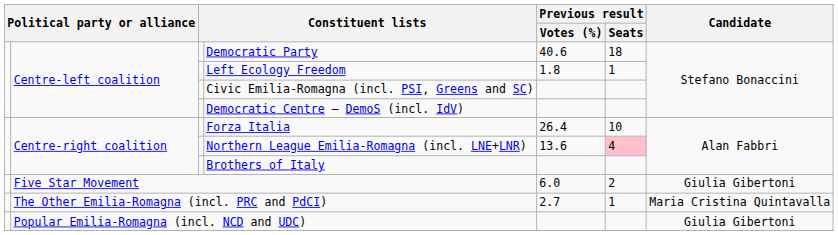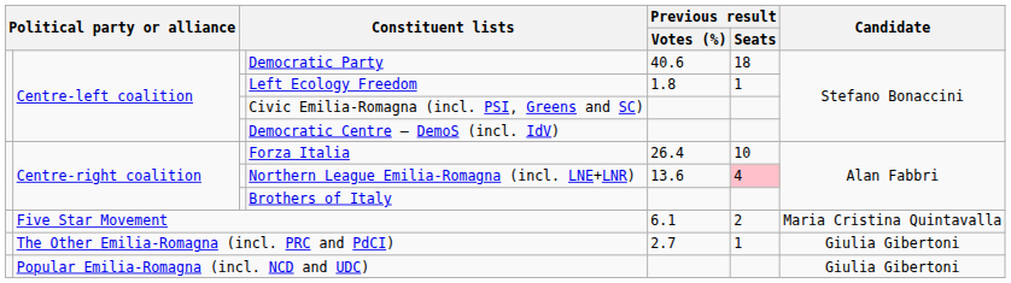 <table class="wikitable" style="text-align:left">
 <tr>
 <th colspan=2 rowspan="2">Political party or alliance</th>
 <th colspan=2 rowspan="2">Constituent lists</th>
 <th colspan="2">Previous result</th>
 <th rowspan="2">Candidate</th>
 </tr>
 <tr>
 <th>Votes (%)</th>
 <th>Seats</th>
 </tr>
 <tr>
 <td rowspan="4" style="background:"></td>
 <td rowspan=4><a href='#'>Centre-left coalition</a></td>
 <td></td>
 <td style="text-align:left;"><a href='#'>Democratic Party</a></td>
 <td>40.6</td>
 <td>18</td>
 <td rowspan="4" style="text-align: center;">Stefano Bonaccini</td>
 </tr>
 <tr>
 <td></td>
 <td style="text-align:left;"><a href='#'>Left Ecology Freedom</a></td>
 <td>1.8</td>
 <td>1</td>
 </tr>
 <tr>
 <td></td>
 <td style="text-align:left;">Civic Emilia-Romagna (incl. <a href='#'>PSI</a>, <a href='#'>Greens</a> and <a href='#'>SC</a>)</td>
 <td></td>
 <td></td>
 </tr>
 <tr>
 <td></td>
 <td style="text-align:left;"><a href='#'>Democratic Centre</a> – <a href='#'>DemoS</a> (incl. <a href='#'>IdV</a>)</td>
 <td></td>
 <td></td>
 </tr>
 <tr>
 <td rowspan="3" style="background:"></td>
 <td rowspan=3><a href='#'>Centre-right coalition</a></td>
 <td></td>
 <td style="text-align:left;"><a href='#'>Forza Italia</a></td>
 <td>26.4</td>
 <td>10</td>
 <td rowspan="3" style="text-align: center;">Alan Fabbri</td>
 </tr>
 <tr>
 <td></td>
 <td style="text-align:left;"><a href='#'>Northern League Emilia-Romagna</a> (incl. <a href='#'>LNE</a>+<a href='#'>LNR</a>)</td>
 <td>13.6</td>
 <td style="background: pink;">4</td>
 </tr>
 <tr>
 <td></td>
 <td style="text-align:left;"><a href='#'>Brothers of Italy</a></td>
 <td></td>
 <td></td>
 </tr>
 <tr>
 <td></td>
 <td colspan="3"><a href='#'>Five Star Movement</a></td>
-<td>6.0</td>
+<td>6.1</td>
 <td>2</td>
-<td style="text-align: center;">Giulia Gibertoni</td>
+<td style="text-align: center;">Maria Cristina Quintavalla</td>
 </tr>
 <tr>
 <td></td>
 <td colspan="3"><a href='#'>The Other Emilia-Romagna</a> (incl. <a href='#'>PRC</a> and <a href='#'>PdCI</a>)</td>
 <td>2.7</td>
 <td>1</td>
-<td style="text-align: center;">Maria Cristina Quintavalla</td>
+<td style="text-align: center;">Giulia Gibertoni</td>
 </tr>
 <tr>
 <td></td>
 <td colspan="3"><a href='#'>Popular Emilia-Romagna</a> (incl. <a href='#'>NCD</a> and <a href='#'>UDC</a>)</td>
 <td></td>
 <td></td>
 <td style="text-align: center;">Giulia Gibertoni</td>
 </tr>
 </table>
